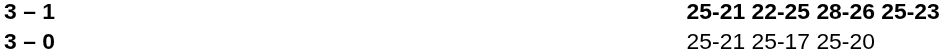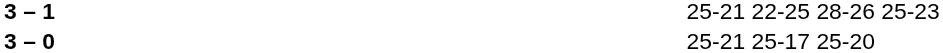 <table width=100% cellspacing=1>
 <tr>
 <th width=20%></th>
 <th width=12%></th>
 <th width=20%></th>
 <th width=33%></th>
 <td></td>
 </tr>
 <tr style=font-size:90%>
 <td align=right><strong></strong></td>
 <td align=center><strong>3 – 1</strong></td>
 <td></td>
-<td><strong>25-21 22-25 28-26 25-23</strong></td>
+<td>25-21 22-25 28-26 25-23</td>
 <td></td>
 </tr>
 <tr style=font-size:90%>
 <td align=right><strong></strong></td>
 <td align=center><strong>3 – 0</strong></td>
 <td></td>
 <td>25-21 25-17 25-20</td>
 </tr>
 </table>
